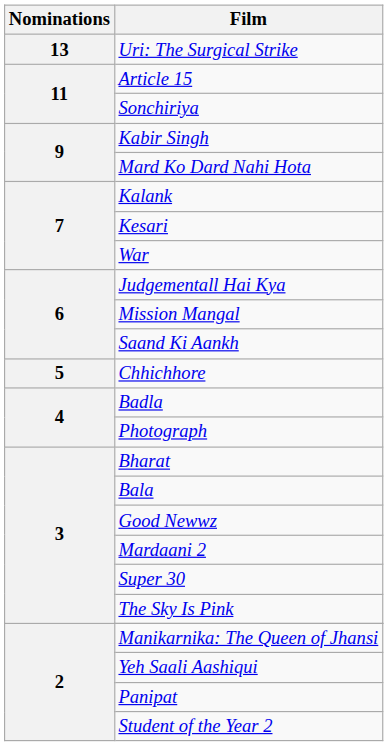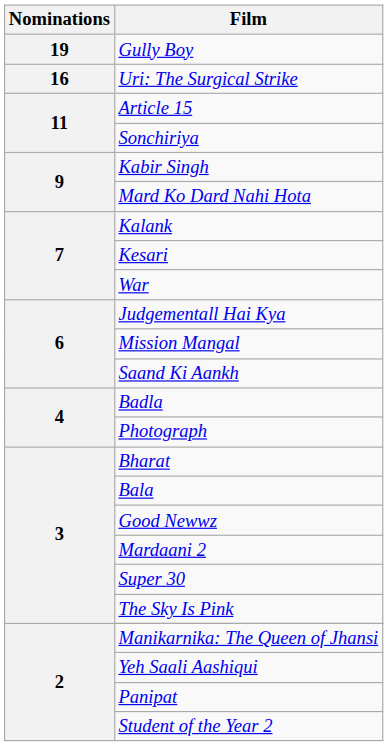 <table class="wikitable" style="display:inline-table;">
 <tr>
 <th>Nominations</th>
 <th>Film</th>
 </tr>
 <tr>
-<th scope=row>13</th>
+<th scope=row>19</th>
+<td><em><a href='#'>Gully Boy</a> </em></td>
+</tr>
+<tr>
+<th scope=row>16</th>
 <td><em><a href='#'>Uri: The Surgical Strike</a></em></td>
 </tr>
 <tr>
 <th rowspan=2>11</th>
 <td><em><a href='#'>Article 15</a></em></td>
 </tr>
 <tr>
 <td><em><a href='#'>Sonchiriya</a></em></td>
 </tr>
 <tr>
 <th rowspan="2">9</th>
 <td><em><a href='#'>Kabir Singh</a></em></td>
 </tr>
 <tr>
 <td><em><a href='#'>Mard Ko Dard Nahi Hota</a></em></td>
 </tr>
 <tr>
 <th rowspan="3">7</th>
 <td><em><a href='#'>Kalank</a></em></td>
 </tr>
 <tr>
 <td><em><a href='#'>Kesari</a></em></td>
 </tr>
 <tr>
 <td><em><a href='#'>War</a></em></td>
 </tr>
 <tr>
 <th rowspan=3>6</th>
 <td><em><a href='#'>Judgementall Hai Kya</a></em></td>
 </tr>
 <tr>
 <td><em><a href='#'>Mission Mangal</a></em></td>
 </tr>
 <tr>
 <td><em><a href='#'>Saand Ki Aankh</a></em></td>
-</tr>
-<tr>
-<th scope=row>5</th>
-<td><em><a href='#'>Chhichhore</a></em></td>
 </tr>
 <tr>
 <th rowspan=2>4</th>
 <td><a href='#'><em>Badla</em></a></td>
 </tr>
 <tr>
 <td><em><a href='#'>Photograph</a></em></td>
 </tr>
 <tr>
 <th rowspan=6>3</th>
 <td><em><a href='#'>Bharat</a></em></td>
 </tr>
 <tr>
 <td><a href='#'><em>Bala</em></a></td>
 </tr>
 <tr>
 <td><em><a href='#'>Good Newwz</a></em></td>
 </tr>
 <tr>
 <td><em><a href='#'>Mardaani 2</a></em></td>
 </tr>
 <tr>
 <td><em><a href='#'>Super 30</a></em></td>
 </tr>
 <tr>
 <td><em><a href='#'>The Sky Is Pink</a></em></td>
 </tr>
 <tr>
 <th rowspan=5>2</th>
 </tr>
 <tr>
 <td><em><a href='#'>Manikarnika: The Queen of Jhansi</a></em></td>
 </tr>
 <tr>
 <td><em><a href='#'>Yeh Saali Aashiqui</a></em></td>
 </tr>
 <tr>
 <td><em><a href='#'>Panipat</a></em></td>
 </tr>
 <tr>
 <td><em><a href='#'>Student of the Year 2</a></em></td>
 </tr>
 </table>
